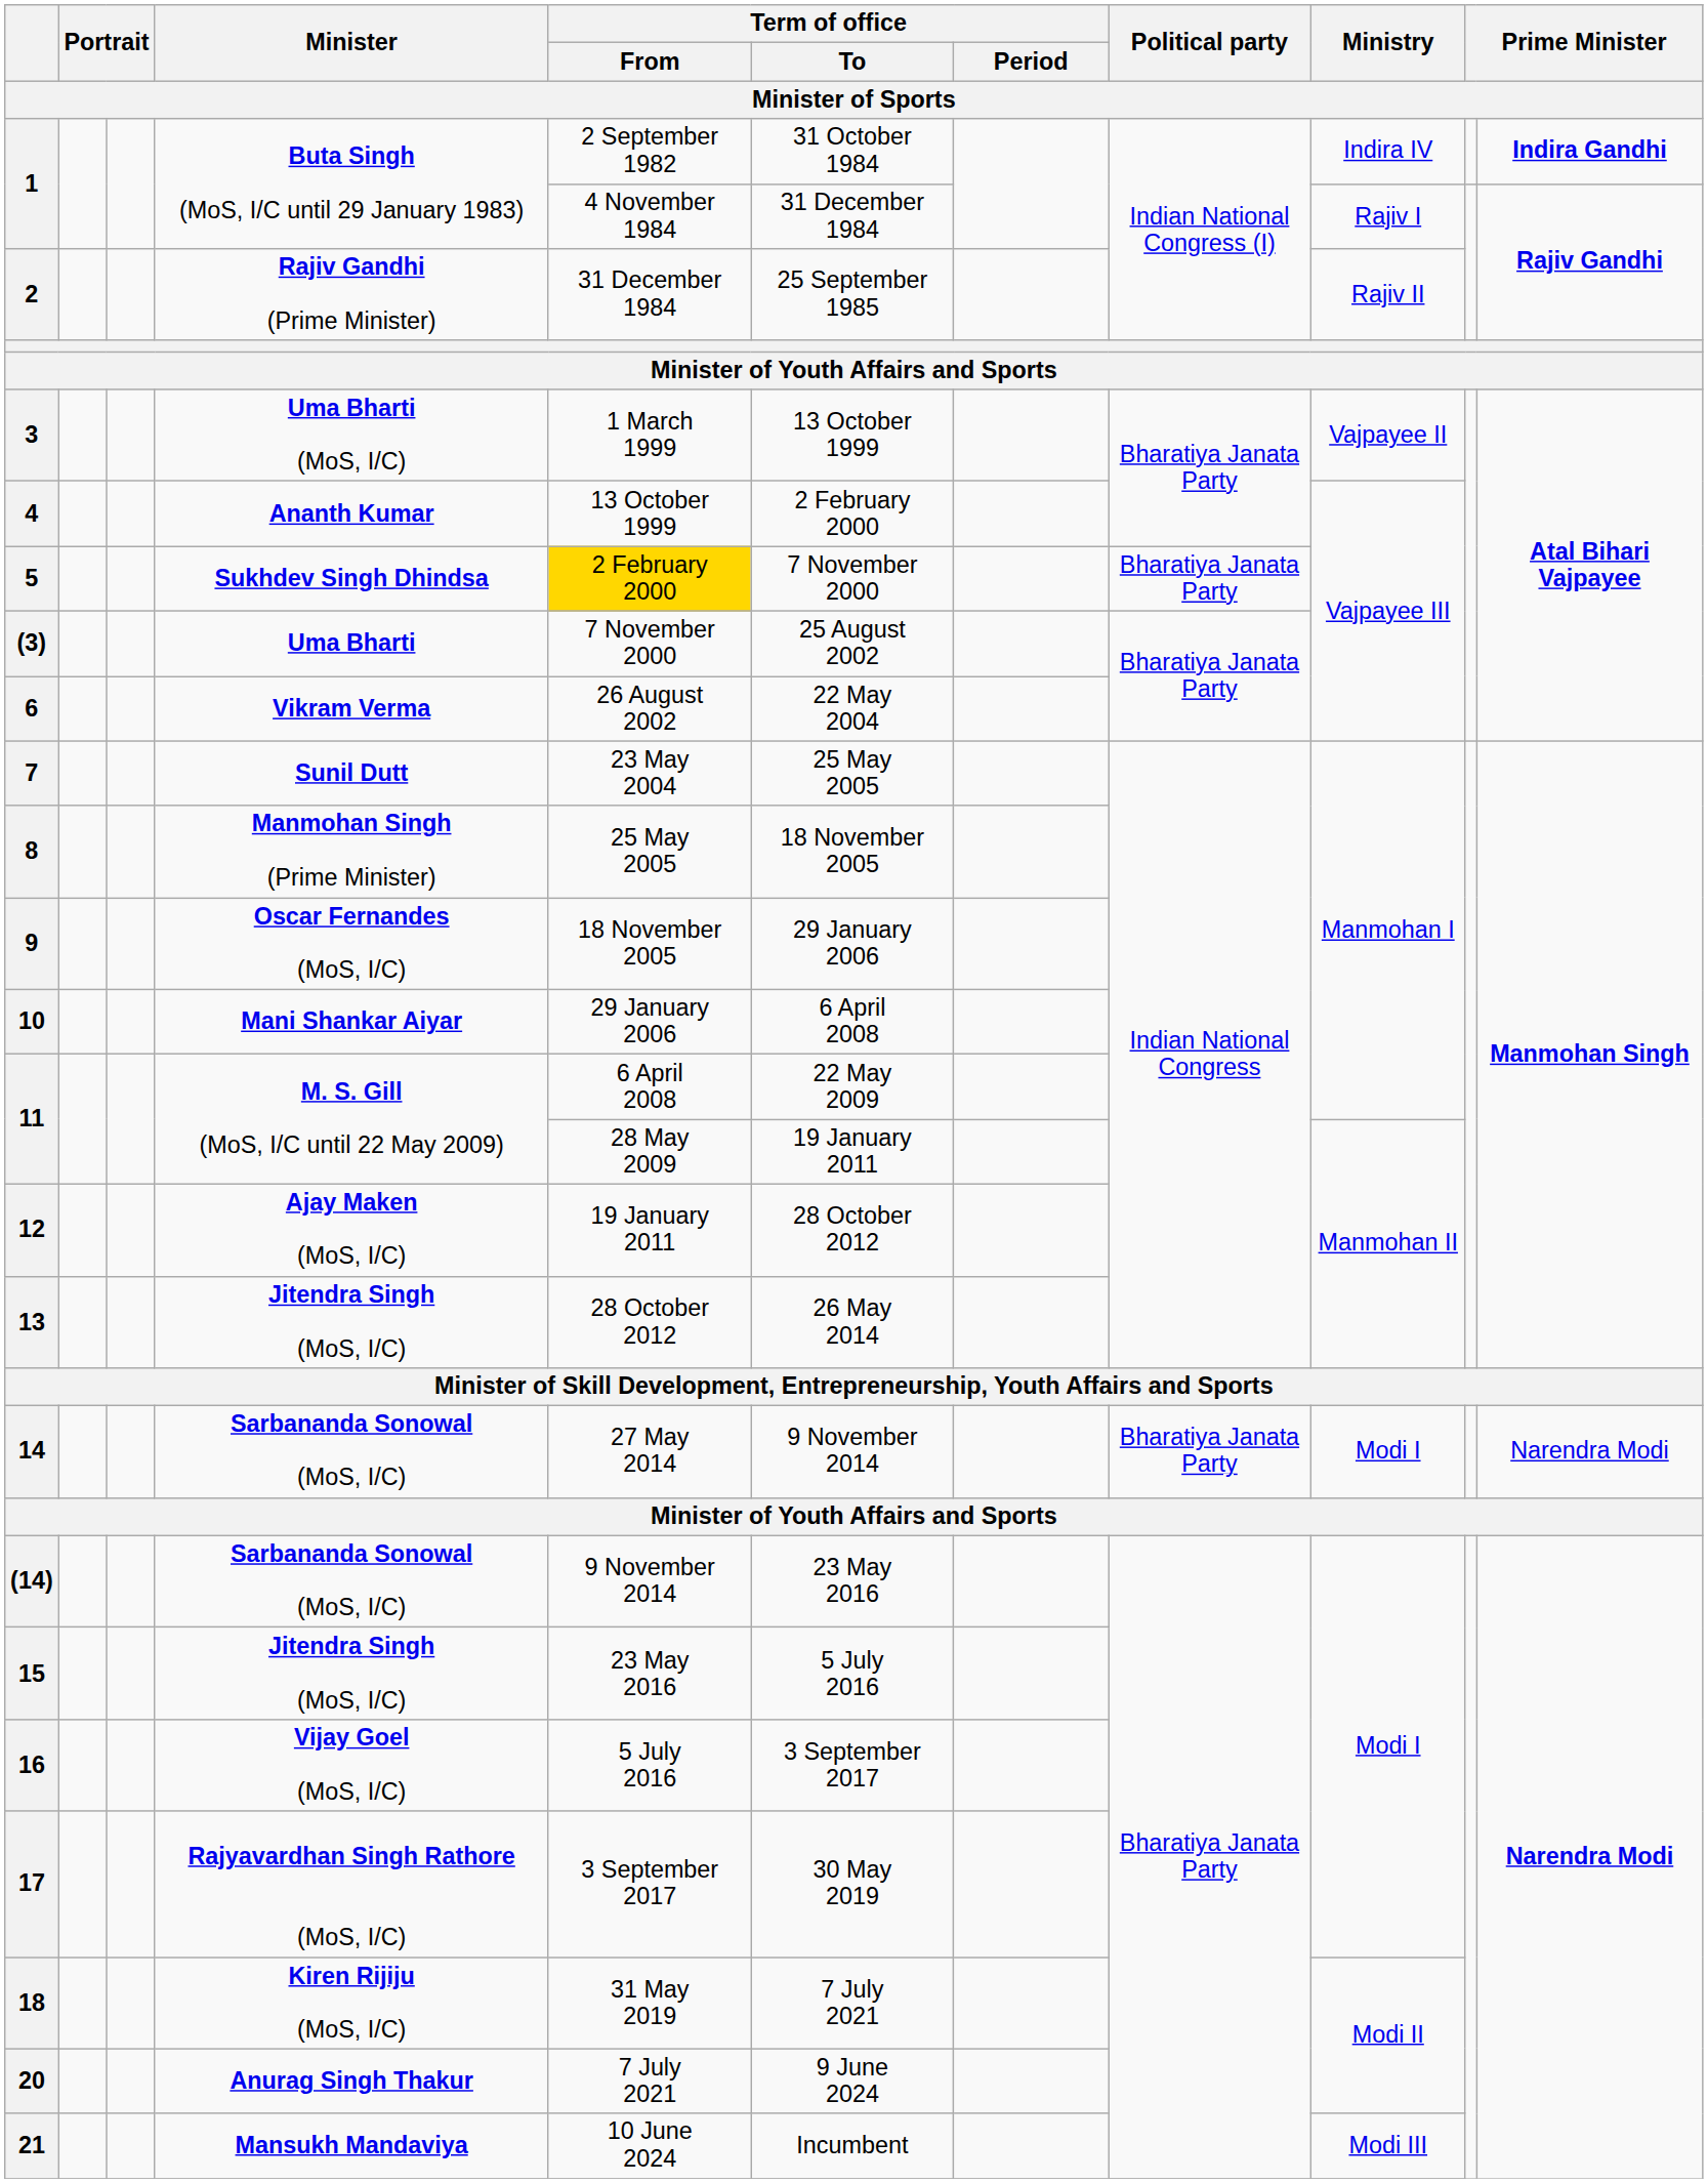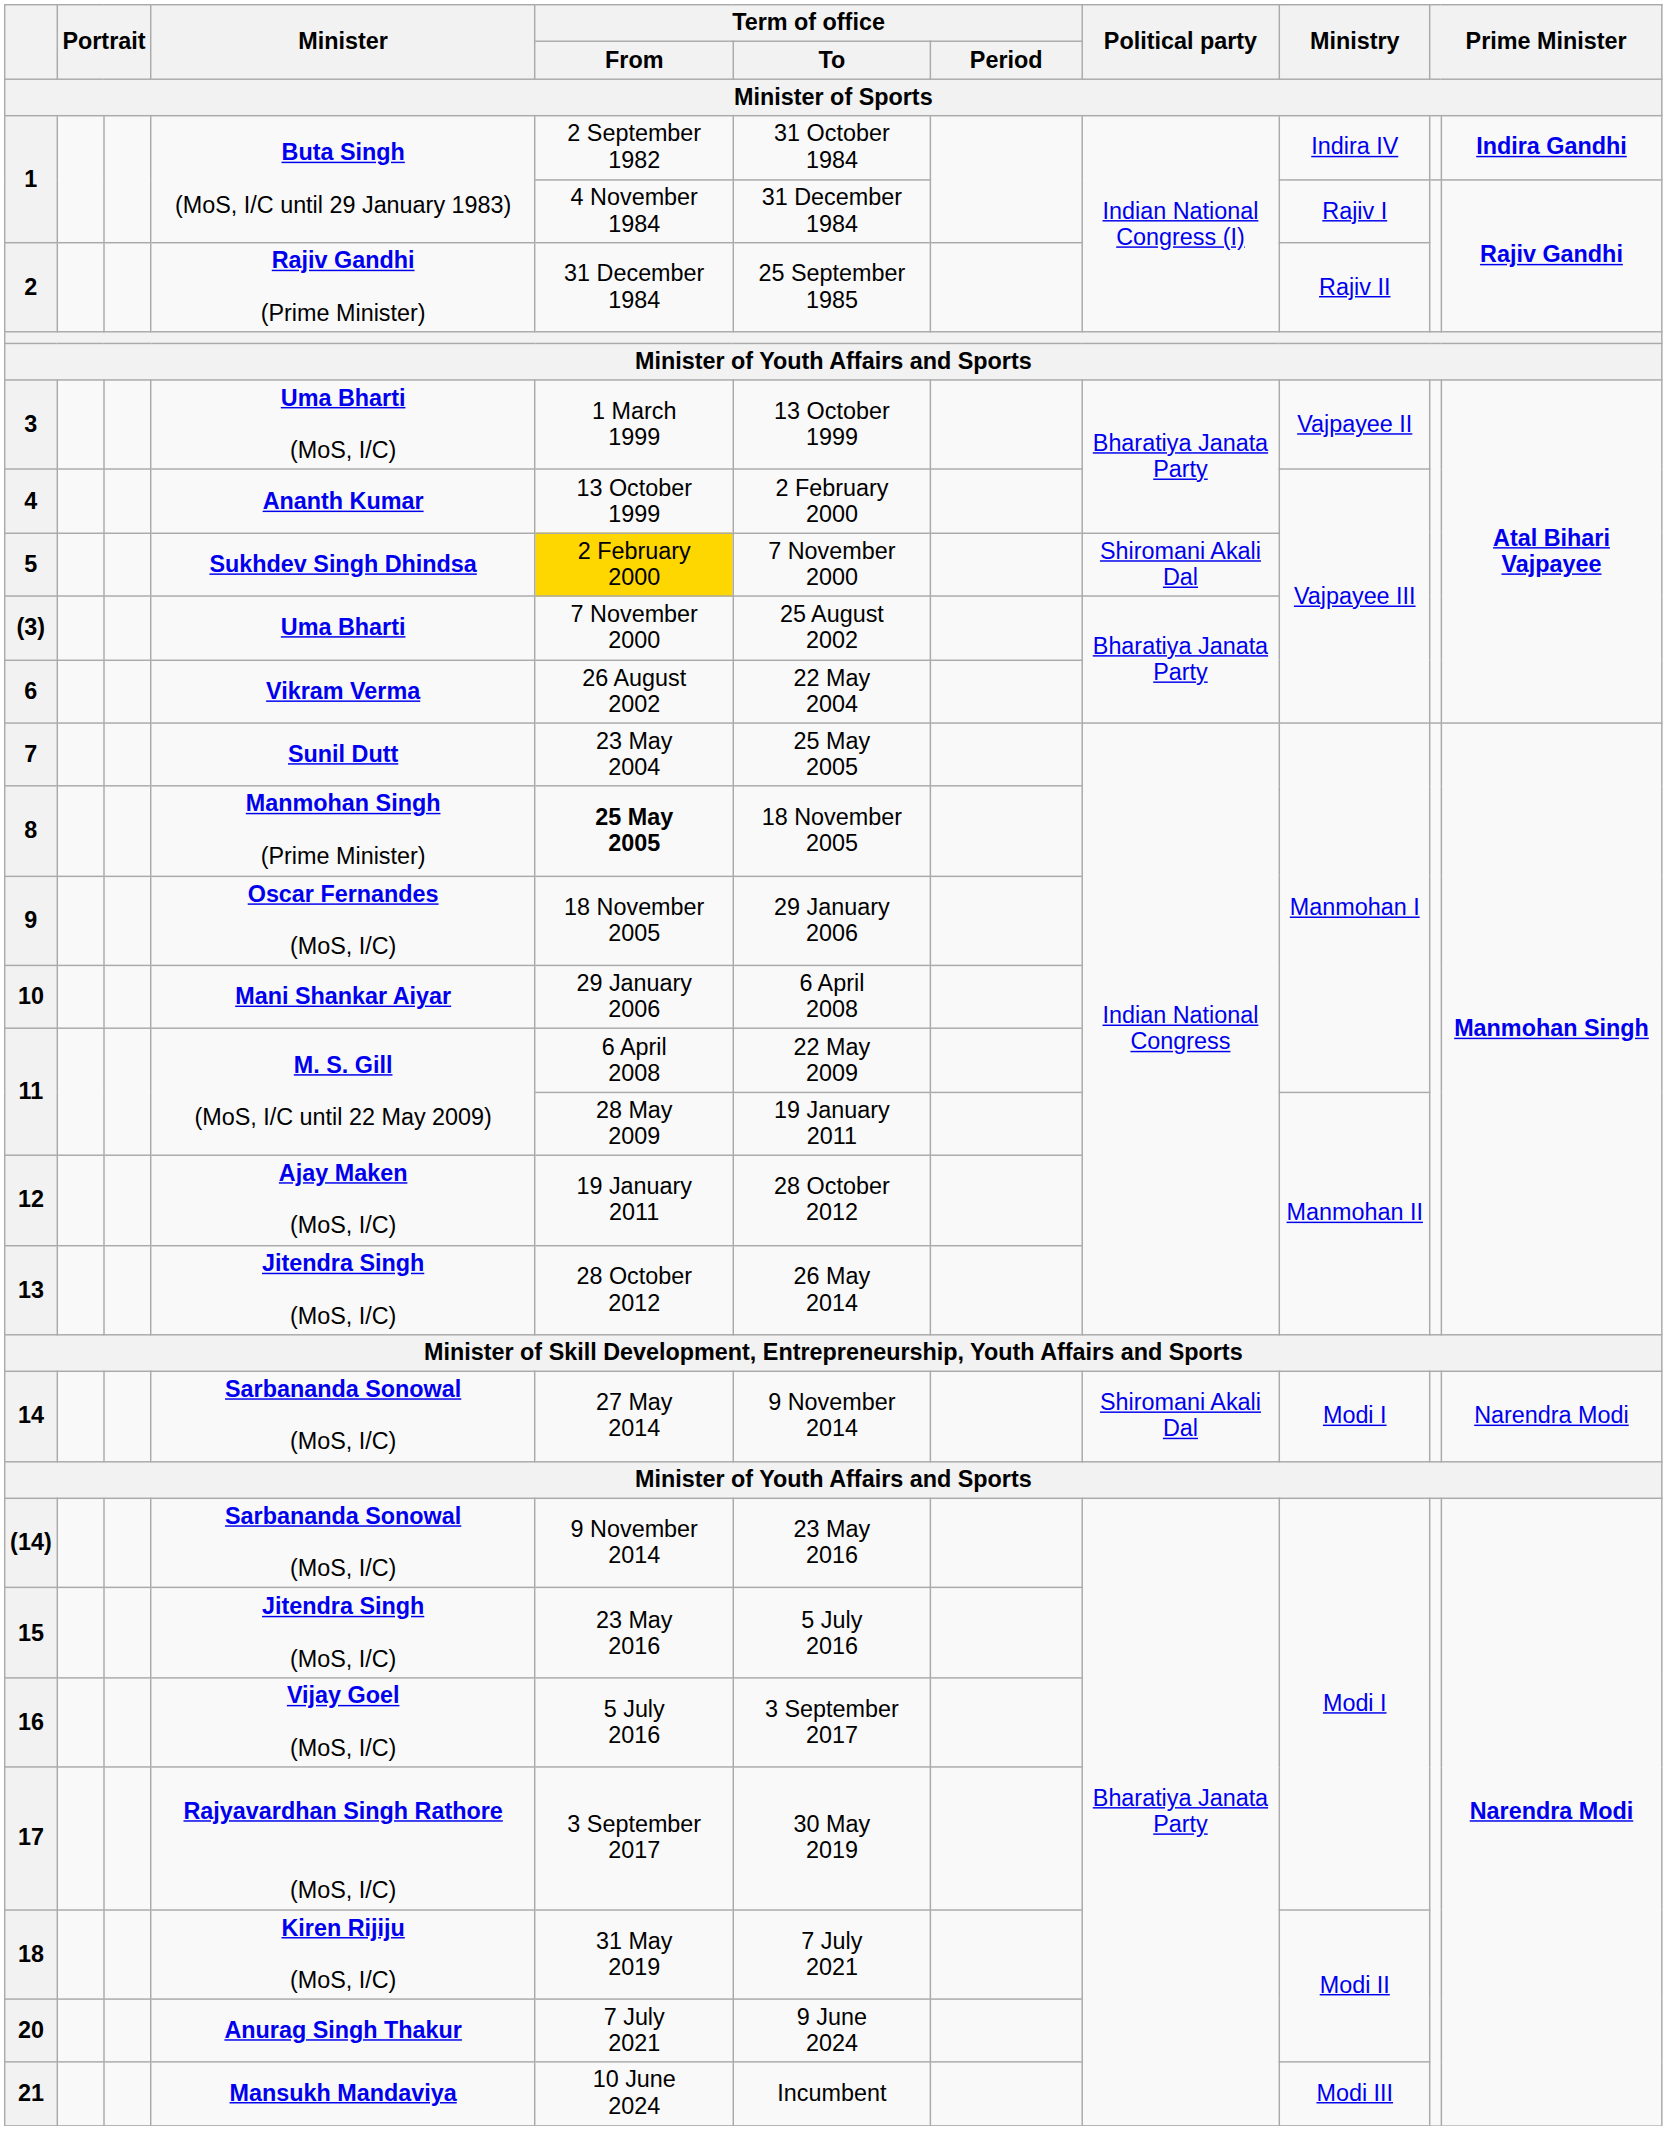 <table class="wikitable" style="text-align:center">
 <tr>
 <th rowspan="2"></th>
 <th rowspan="2" colspan="2">Portrait</th>
 <th rowspan="2" style="width:16em">Minister<br></th>
 <th colspan="3">Term of office</th>
 <th rowspan="2" style="width:8em">Political party</th>
 <th rowspan="2" style="width:6em">Ministry</th>
 <th rowspan="2" colspan="2">Prime Minister</th>
 </tr>
 <tr>
 <th style="width:8em">From</th>
 <th style="width:8em">To</th>
 <th style="width:6em">Period</th>
 </tr>
 <tr>
 <th colspan="11">Minister of Sports</th>
 </tr>
 <tr>
 <th rowspan="2">1</th>
 <td rowspan="2"></td>
 <td rowspan="2"></td>
 <td rowspan="2"><strong><a href='#'>Buta Singh</a></strong><br><br>(MoS, I/C until 29 January 1983)</td>
 <td>2 September<br>1982</td>
 <td>31 October<br>1984</td>
 <td rowspan="2"><strong></strong></td>
 <td rowspan="3"><a href='#'>Indian National Congress (I)</a></td>
 <td><a href='#'>Indira IV</a></td>
 <td></td>
 <td style="width:9em"><strong><a href='#'>Indira Gandhi</a></strong></td>
 </tr>
 <tr>
 <td>4 November<br>1984</td>
 <td>31 December<br>1984</td>
 <td><a href='#'>Rajiv I</a></td>
 <td rowspan="2"></td>
 <td rowspan="2"><strong><a href='#'>Rajiv Gandhi</a></strong></td>
 </tr>
 <tr>
 <th>2</th>
 <td></td>
 <td></td>
 <td><strong><a href='#'>Rajiv Gandhi</a></strong><br><br>(Prime Minister)</td>
 <td>31 December<br>1984</td>
 <td>25 September<br>1985</td>
 <td><strong></strong></td>
 <td><a href='#'>Rajiv II</a></td>
 </tr>
 <tr>
 <th colspan="11"></th>
 </tr>
 <tr>
 <th colspan="11">Minister of Youth Affairs and Sports</th>
 </tr>
 <tr>
 <th>3</th>
 <td></td>
 <td></td>
 <td><strong><a href='#'>Uma Bharti</a></strong><br><br>(MoS, I/C)</td>
 <td>1 March<br>1999</td>
 <td>13 October<br>1999</td>
 <td><strong></strong></td>
 <td rowspan="2"><a href='#'>Bharatiya Janata Party</a></td>
 <td><a href='#'>Vajpayee II</a></td>
 <td rowspan="5"></td>
 <td rowspan="5"><strong><a href='#'>Atal Bihari Vajpayee</a></strong></td>
 </tr>
 <tr>
 <th>4</th>
 <td></td>
 <td></td>
 <td><strong><a href='#'>Ananth Kumar</a></strong><br></td>
 <td>13 October<br>1999</td>
 <td>2 February<br>2000</td>
 <td><strong></strong></td>
 <td rowspan="4"><a href='#'>Vajpayee III</a></td>
 </tr>
 <tr>
 <th>5</th>
 <td></td>
 <td></td>
 <td><strong><a href='#'>Sukhdev Singh Dhindsa</a></strong><br></td>
 <td style="background: gold;">2 February<br>2000</td>
 <td>7 November<br>2000</td>
 <td><strong></strong></td>
-<td><a href='#'>Bharatiya Janata Party</a></td>
+<td><a href='#'>Shiromani Akali Dal</a></td>
 </tr>
 <tr>
 <th>(3)</th>
 <td></td>
 <td></td>
 <td><strong><a href='#'>Uma Bharti</a></strong><br></td>
 <td>7 November<br>2000</td>
 <td>25 August<br>2002</td>
 <td><strong></strong></td>
 <td rowspan="2"><a href='#'>Bharatiya Janata Party</a></td>
 </tr>
 <tr>
 <th>6</th>
 <td></td>
 <td></td>
 <td><strong><a href='#'>Vikram Verma</a></strong><br></td>
 <td>26 August<br>2002</td>
 <td>22 May<br>2004</td>
 <td><strong></strong></td>
 </tr>
 <tr>
 <th>7</th>
 <td></td>
 <td></td>
 <td><strong><a href='#'>Sunil Dutt</a></strong><br></td>
 <td>23 May<br>2004</td>
 <td>25 May<br>2005<br></td>
 <td><strong></strong></td>
 <td rowspan="8"><a href='#'>Indian National Congress</a></td>
 <td rowspan="5"><a href='#'>Manmohan I</a></td>
 <td rowspan="8"></td>
 <td rowspan="8"><strong><a href='#'>Manmohan Singh</a></strong></td>
 </tr>
 <tr>
 <th>8</th>
 <td></td>
 <td></td>
 <td><strong><a href='#'>Manmohan Singh</a></strong><br><br>(Prime Minister)</td>
-<td>25 May<br>2005</td>
+<td><strong>25 May<br>2005</strong></td>
 <td>18 November<br>2005</td>
 <td><strong></strong></td>
 </tr>
 <tr>
 <th>9</th>
 <td></td>
 <td></td>
 <td><strong><a href='#'>Oscar Fernandes</a></strong><br><br>(MoS, I/C)</td>
 <td>18 November<br>2005</td>
 <td>29 January<br>2006</td>
 <td><strong></strong></td>
 </tr>
 <tr>
 <th>10</th>
 <td></td>
 <td></td>
 <td><strong><a href='#'>Mani Shankar Aiyar</a></strong><br></td>
 <td>29 January<br>2006</td>
 <td>6 April<br>2008</td>
 <td><strong></strong></td>
 </tr>
 <tr>
 <th rowspan="2">11</th>
 <td rowspan="2"></td>
 <td rowspan="2"></td>
 <td rowspan="2"><strong><a href='#'>M. S. Gill</a></strong><br><br>(MoS, I/C until 22 May 2009)</td>
 <td>6 April<br>2008</td>
 <td>22 May<br>2009</td>
 <td><strong></strong></td>
 </tr>
 <tr>
 <td>28 May<br>2009</td>
 <td>19 January<br>2011</td>
 <td><strong></strong></td>
 <td rowspan="3"><a href='#'>Manmohan II</a></td>
 </tr>
 <tr>
 <th>12</th>
 <td></td>
 <td></td>
 <td><strong><a href='#'>Ajay Maken</a></strong><br><br>(MoS, I/C)</td>
 <td>19 January<br>2011</td>
 <td>28 October<br>2012</td>
 <td><strong></strong></td>
 </tr>
 <tr>
 <th>13</th>
 <td></td>
 <td></td>
 <td><strong><a href='#'>Jitendra Singh</a></strong><br><br>(MoS, I/C)</td>
 <td>28 October<br>2012</td>
 <td>26 May<br>2014</td>
 <td><strong></strong></td>
 </tr>
 <tr>
 <th colspan="11">Minister of Skill Development, Entrepreneurship, Youth Affairs and Sports</th>
 </tr>
 <tr>
 <th>14</th>
 <td></td>
 <td></td>
 <td><strong><a href='#'>Sarbananda Sonowal</a></strong><br><br>(MoS, I/C)</td>
 <td>27 May<br>2014</td>
 <td>9 November<br>2014</td>
 <td><strong></strong></td>
-<td><a href='#'>Bharatiya Janata Party</a></td>
+<td><a href='#'>Shiromani Akali Dal</a></td>
 <td><a href='#'>Modi I</a></td>
 <td></td>
 <td><a href='#'>Narendra Modi</a></td>
 </tr>
 <tr>
 <th colspan="11">Minister of Youth Affairs and Sports</th>
 </tr>
 <tr>
 <th>(14)</th>
 <td></td>
 <td></td>
 <td><strong><a href='#'>Sarbananda Sonowal</a></strong><br><br>(MoS, I/C)</td>
 <td>9 November<br>2014</td>
 <td>23 May<br>2016</td>
 <td><strong></strong></td>
 <td rowspan="7"><a href='#'>Bharatiya Janata Party</a></td>
 <td rowspan="4"><a href='#'>Modi I</a></td>
 <td rowspan="8"></td>
 <td rowspan="8"><strong><a href='#'>Narendra Modi</a></strong></td>
 </tr>
 <tr>
 <th>15</th>
 <td></td>
 <td></td>
 <td><a href='#'><strong>Jitendra Singh</strong></a><br><br>(MoS, I/C)</td>
 <td>23 May<br>2016</td>
 <td>5 July<br>2016</td>
 <td><strong></strong></td>
 </tr>
 <tr>
 <th>16</th>
 <td></td>
 <td></td>
 <td><strong><a href='#'>Vijay Goel</a></strong><br><br>(MoS, I/C)</td>
 <td>5 July<br>2016</td>
 <td>3 September<br>2017</td>
 <td><strong></strong></td>
 </tr>
 <tr>
 <th>17</th>
 <td></td>
 <td></td>
 <td><br><strong><a href='#'>Rajyavardhan Singh Rathore</a></strong><br><br><br>(MoS, I/C)</td>
 <td>3 September<br>2017</td>
 <td>30 May<br>2019</td>
 <td><strong></strong></td>
 </tr>
 <tr>
 <th>18</th>
 <td></td>
 <td></td>
 <td><strong><a href='#'>Kiren Rijiju</a></strong><br><br>(MoS, I/C)</td>
 <td>31 May<br>2019</td>
 <td>7 July<br>2021</td>
 <td><strong></strong></td>
 <td rowspan="2"><a href='#'>Modi II</a></td>
 </tr>
 <tr>
 <th>20</th>
 <td></td>
 <td></td>
 <td><strong><a href='#'>Anurag Singh Thakur</a></strong><br></td>
 <td>7 July<br>2021</td>
 <td>9 June<br>2024</td>
 <td><strong></strong></td>
 </tr>
 <tr>
 <th>21</th>
 <td></td>
 <td></td>
 <td><strong><a href='#'>Mansukh Mandaviya</a></strong><br></td>
 <td>10 June<br>2024</td>
 <td>Incumbent</td>
 <td><strong></strong></td>
 <td><a href='#'>Modi III</a></td>
 </tr>
 <tr>
 </tr>
 </table>
